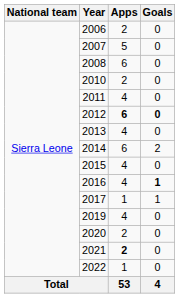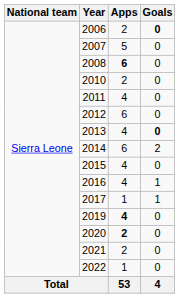 <table class=wikitable style=text-align:center>
 <tr>
 <th>National team</th>
 <th>Year</th>
 <th>Apps</th>
 <th>Goals</th>
 </tr>
 <tr>
 <td rowspan=15><a href='#'>Sierra Leone</a></td>
 <td>2006</td>
 <td>2</td>
-<td>0</td>
+<td><strong>0</strong></td>
 </tr>
 <tr>
 <td>2007</td>
 <td>5</td>
 <td>0</td>
 </tr>
 <tr>
 <td>2008</td>
-<td>6</td>
+<td><strong>6</strong></td>
 <td>0</td>
 </tr>
 <tr>
 <td>2010</td>
 <td>2</td>
 <td>0</td>
 </tr>
 <tr>
 <td>2011</td>
 <td>4</td>
 <td>0</td>
 </tr>
 <tr>
 <td>2012</td>
-<td><strong>6</strong></td>
-<td><strong>0</strong></td>
+<td>6</td>
+<td>0</td>
 </tr>
 <tr>
 <td>2013</td>
 <td>4</td>
-<td>0</td>
+<td><strong>0</strong></td>
 </tr>
 <tr>
 <td>2014</td>
 <td>6</td>
 <td>2</td>
 </tr>
 <tr>
 <td>2015</td>
 <td>4</td>
 <td>0</td>
 </tr>
 <tr>
 <td>2016</td>
 <td>4</td>
-<td><strong>1</strong></td>
+<td>1</td>
 </tr>
 <tr>
 <td>2017</td>
 <td>1</td>
 <td>1</td>
 </tr>
 <tr>
 <td>2019</td>
-<td>4</td>
+<td><strong>4</strong></td>
 <td>0</td>
 </tr>
 <tr>
 <td>2020</td>
-<td>2</td>
+<td><strong>2</strong></td>
 <td>0</td>
 </tr>
 <tr>
 <td>2021</td>
-<td><strong>2</strong></td>
+<td>2</td>
 <td>0</td>
 </tr>
 <tr>
 <td>2022</td>
 <td>1</td>
 <td>0</td>
 </tr>
 <tr>
 <th colspan=2>Total</th>
 <th>53</th>
 <th>4</th>
 </tr>
 </table>
